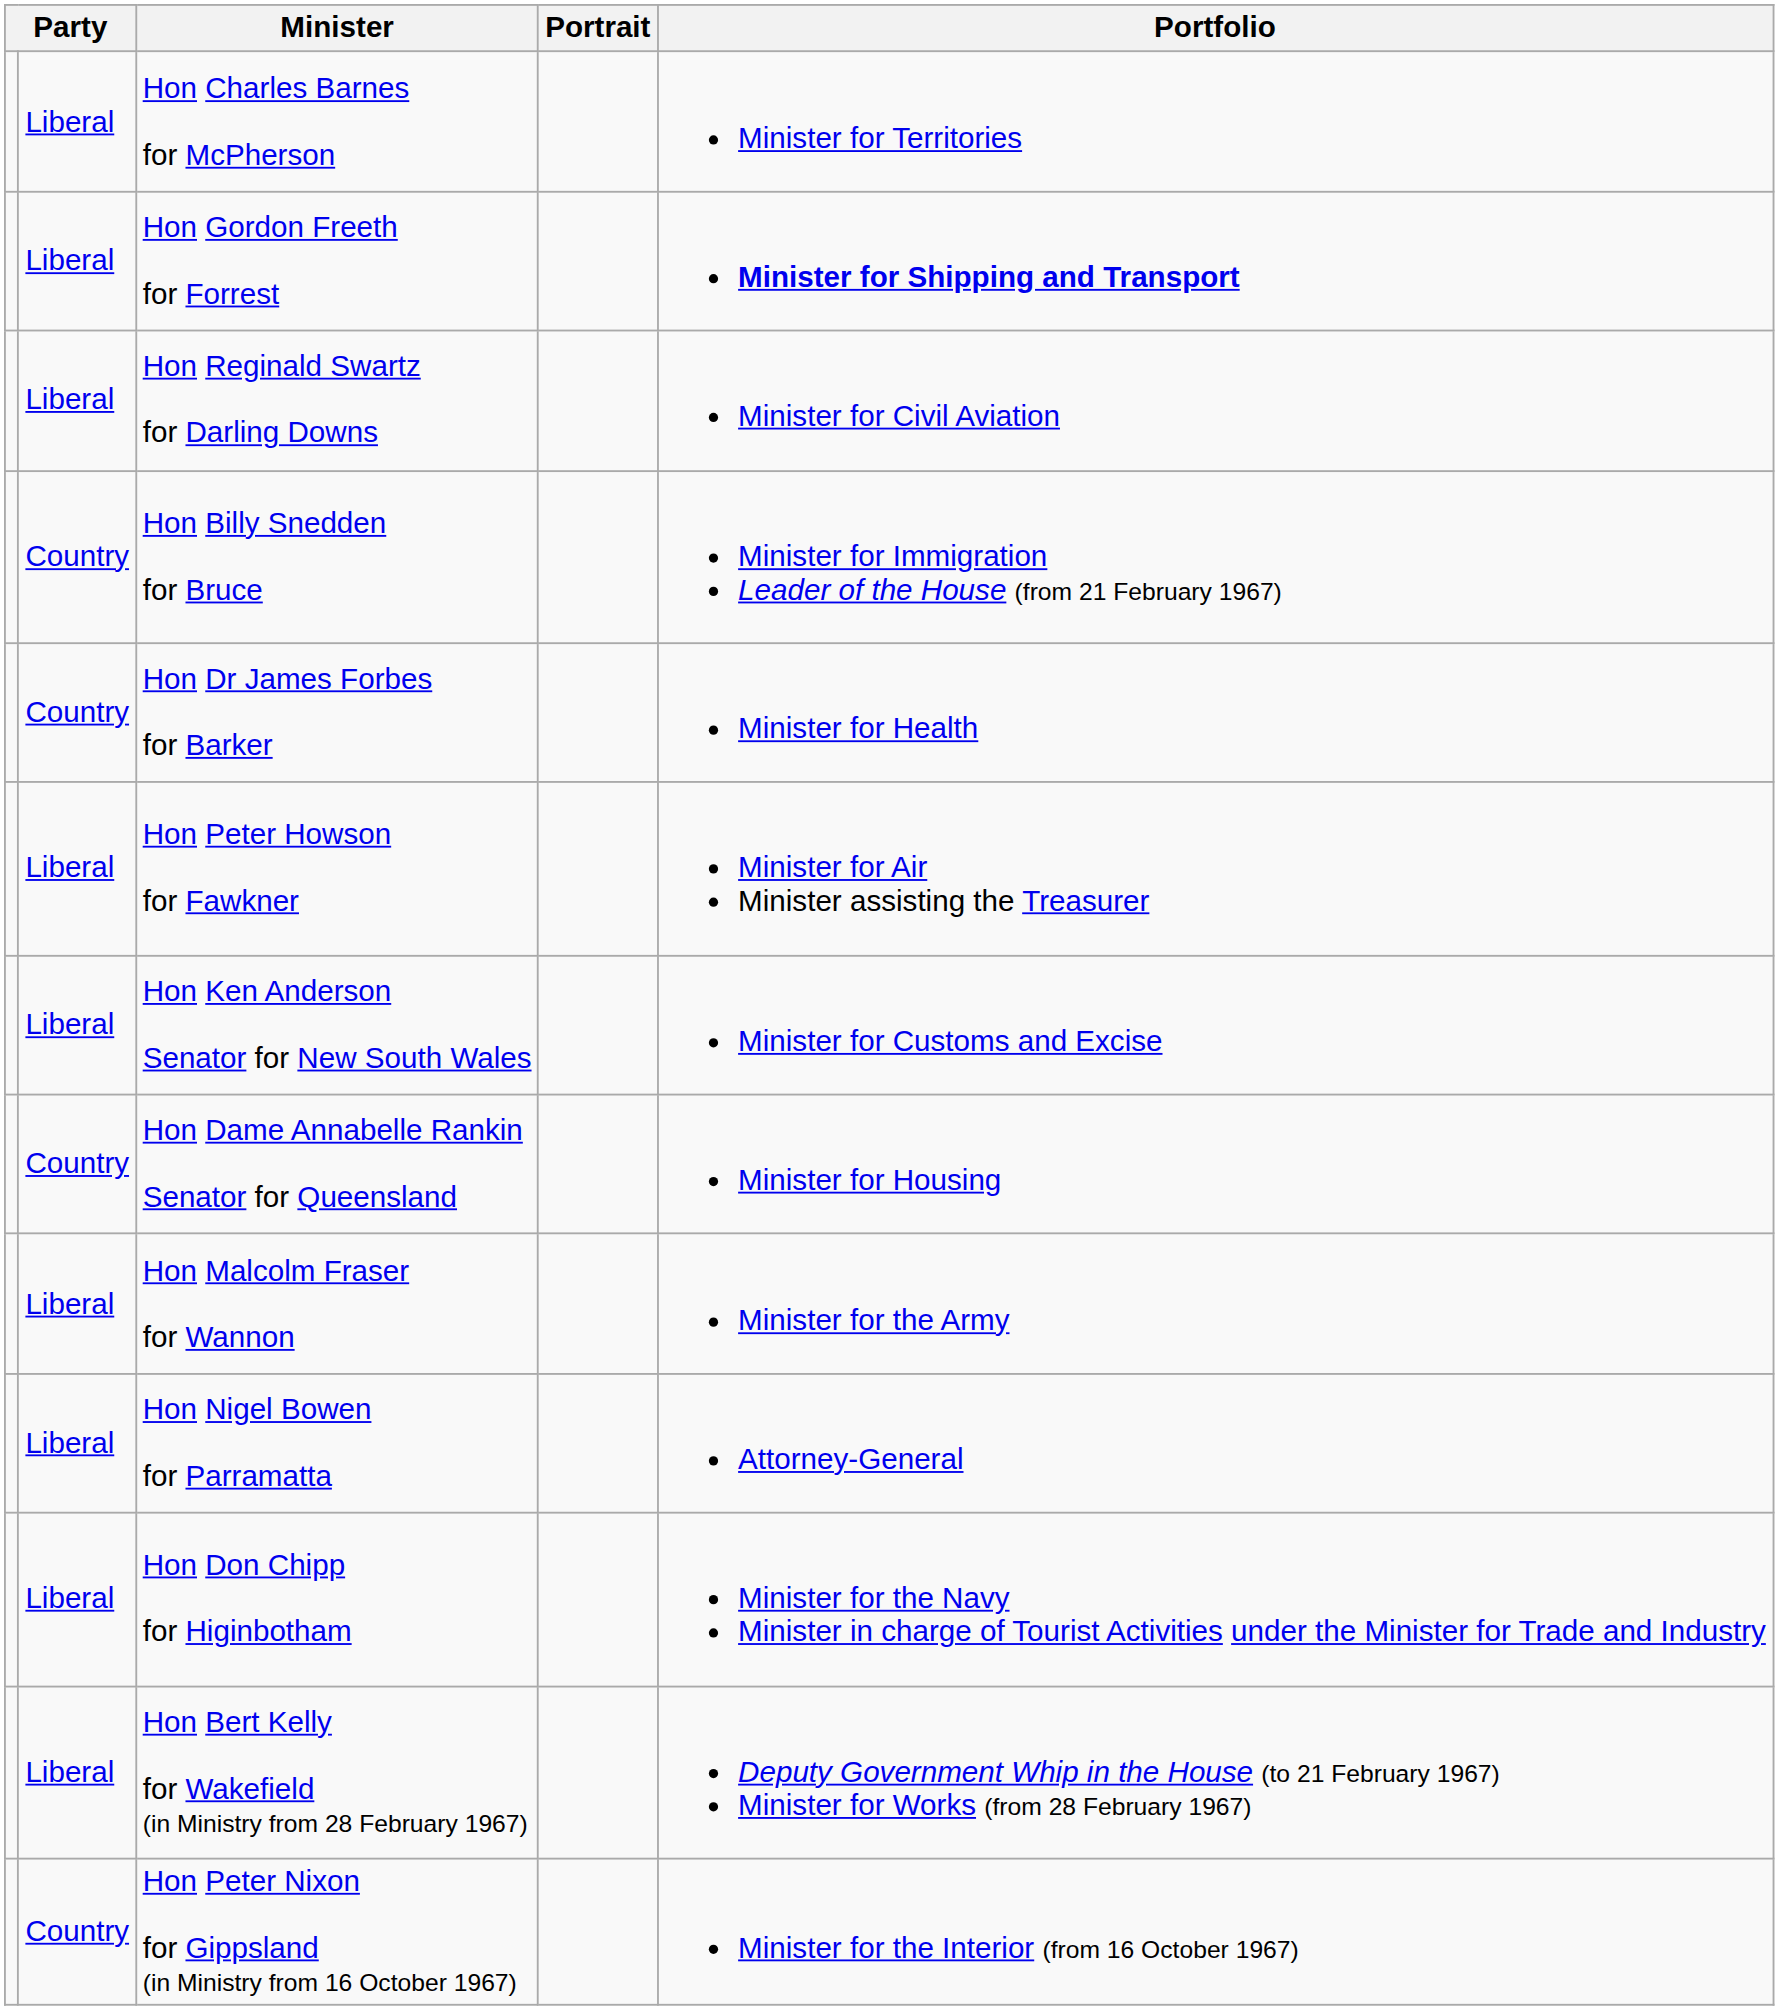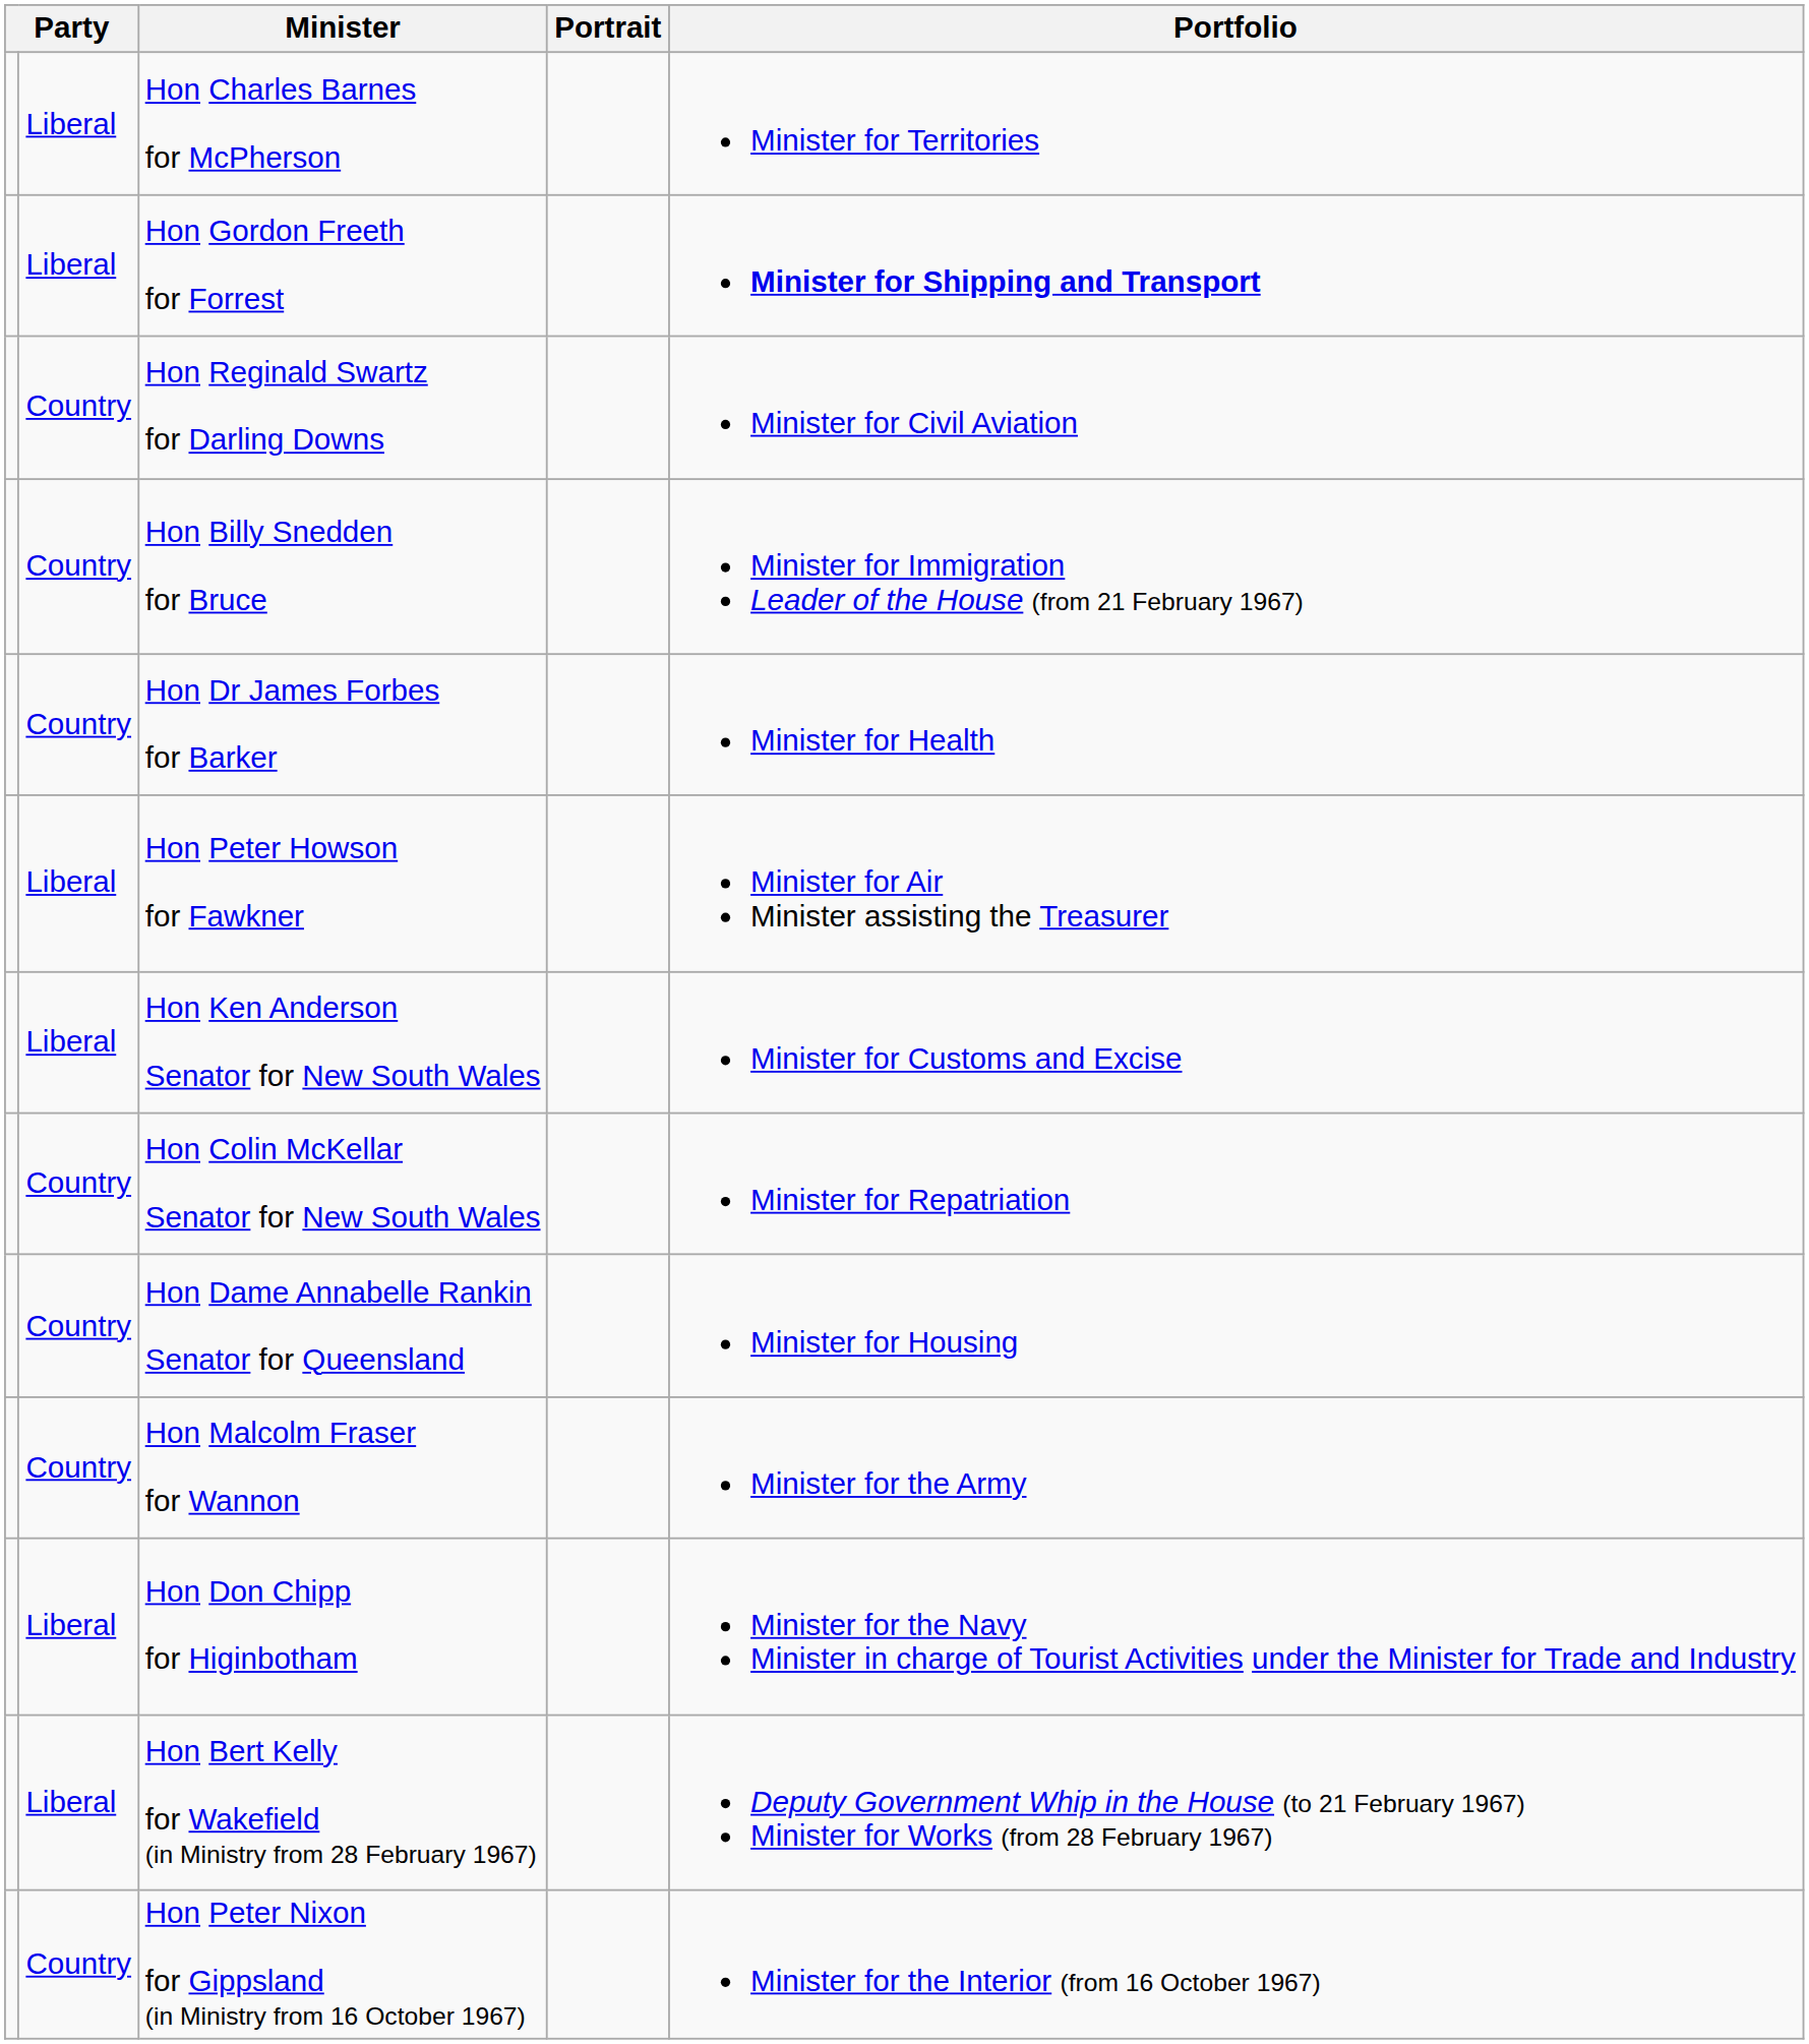 <table class="wikitable sortable">
 <tr>
 <th colspan="2">Party</th>
 <th>Minister</th>
 <th>Portrait</th>
 <th>Portfolio</th>
 </tr>
 <tr>
 <td></td>
 <td><a href='#'>Liberal</a></td>
 <td><a href='#'>Hon</a> <a href='#'>Charles Barnes</a> <br><br> for <a href='#'>McPherson</a> <br></td>
 <td></td>
 <td><br><ul><li><a href='#'>Minister for Territories</a></li></ul></td>
 </tr>
 <tr>
 <td></td>
 <td><a href='#'>Liberal</a></td>
 <td><a href='#'>Hon</a> <a href='#'>Gordon Freeth</a> <br><br> for <a href='#'>Forrest</a> <br></td>
 <td></td>
 <td><strong><br><ul><li><a href='#'>Minister for Shipping and Transport</a></li></ul></strong></td>
 </tr>
 <tr>
 <td></td>
-<td><a href='#'>Liberal</a></td>
+<td><a href='#'>Country</a></td>
 <td><a href='#'>Hon</a> <a href='#'>Reginald Swartz</a>  <br><br> for <a href='#'>Darling Downs</a> <br></td>
 <td></td>
 <td><br><ul><li><a href='#'>Minister for Civil Aviation</a></li></ul></td>
 </tr>
 <tr>
 <td></td>
 <td><a href='#'>Country</a></td>
 <td><a href='#'>Hon</a> <a href='#'>Billy Snedden</a>  <br><br> for <a href='#'>Bruce</a> <br></td>
 <td></td>
 <td><br><ul><li><a href='#'>Minister for Immigration</a></li><li><em><a href='#'>Leader of the House</a></em> <small>(from 21 February 1967)</small></li></ul></td>
 </tr>
 <tr>
 <td></td>
 <td><a href='#'>Country</a></td>
 <td><a href='#'>Hon</a> <a href='#'>Dr James Forbes</a>  <br><br> for <a href='#'>Barker</a> <br></td>
 <td></td>
 <td><br><ul><li><a href='#'>Minister for Health</a></li></ul></td>
 </tr>
 <tr>
 <td></td>
 <td><a href='#'>Liberal</a></td>
 <td><a href='#'>Hon</a> <a href='#'>Peter Howson</a> <br><br> for <a href='#'>Fawkner</a> <br></td>
 <td></td>
 <td><br><ul><li><a href='#'>Minister for Air</a></li><li>Minister assisting the <a href='#'>Treasurer</a></li></ul></td>
 </tr>
 <tr>
 <td></td>
 <td><a href='#'>Liberal</a></td>
 <td><a href='#'>Hon</a> <a href='#'>Ken Anderson</a> <br><br><a href='#'>Senator</a> for <a href='#'>New South Wales</a> <br></td>
 <td></td>
 <td><br><ul><li><a href='#'>Minister for Customs and Excise</a></li></ul></td>
 </tr>
 <tr>
 <td></td>
 <td><a href='#'>Country</a></td>
+<td><a href='#'>Hon</a> <a href='#'>Colin McKellar</a> <br><br><a href='#'>Senator</a> for <a href='#'>New South Wales</a> <br></td>
+<td></td>
+<td><br><ul><li><a href='#'>Minister for Repatriation</a></li></ul></td>
+</tr>
+<tr>
+<td></td>
+<td><a href='#'>Country</a></td>
 <td><a href='#'>Hon</a> <a href='#'>Dame Annabelle Rankin</a>  <br><br><a href='#'>Senator</a> for <a href='#'>Queensland</a> <br></td>
 <td></td>
 <td><br><ul><li><a href='#'>Minister for Housing</a></li></ul></td>
 </tr>
 <tr>
 <td></td>
-<td><a href='#'>Liberal</a></td>
+<td><a href='#'>Country</a></td>
 <td><a href='#'>Hon</a> <a href='#'>Malcolm Fraser</a> <br><br> for <a href='#'>Wannon</a> <br></td>
 <td></td>
 <td><br><ul><li><a href='#'>Minister for the Army</a></li></ul></td>
-</tr>
-<tr>
-<td></td>
-<td><a href='#'>Liberal</a></td>
-<td><a href='#'>Hon</a> <a href='#'>Nigel Bowen</a>  <br><br> for <a href='#'>Parramatta</a> <br></td>
-<td></td>
-<td><br><ul><li><a href='#'>Attorney-General</a></li></ul></td>
 </tr>
 <tr>
 <td></td>
 <td><a href='#'>Liberal</a></td>
 <td><a href='#'>Hon</a> <a href='#'>Don Chipp</a> <br><br> for <a href='#'>Higinbotham</a> <br></td>
 <td></td>
 <td><br><ul><li><a href='#'>Minister for the Navy</a></li><li><a href='#'>Minister in charge of Tourist Activities</a> <a href='#'>under the Minister for Trade and Industry</a></li></ul></td>
 </tr>
 <tr>
 <td></td>
 <td><a href='#'>Liberal</a></td>
 <td><a href='#'>Hon</a> <a href='#'>Bert Kelly</a> <br><br> for <a href='#'>Wakefield</a> <br> <small>(in Ministry from 28 February 1967)</small></td>
 <td></td>
 <td><br><ul><li><em><a href='#'>Deputy Government Whip in the House</a></em> <small>(to 21 February 1967)</small></li><li><a href='#'>Minister for Works</a> <small>(from 28 February 1967)</small></li></ul></td>
 </tr>
 <tr>
 <td></td>
 <td><a href='#'>Country</a></td>
 <td><a href='#'>Hon</a> <a href='#'>Peter Nixon</a> <br><br> for <a href='#'>Gippsland</a> <br>  <small>(in Ministry from 16 October 1967)</small></td>
 <td></td>
 <td><br><ul><li><a href='#'>Minister for the Interior</a> <small>(from 16 October 1967)</small></li></ul></td>
 </tr>
 </table>
